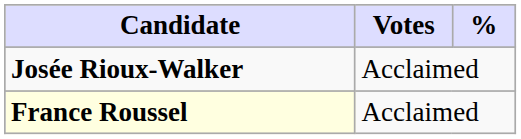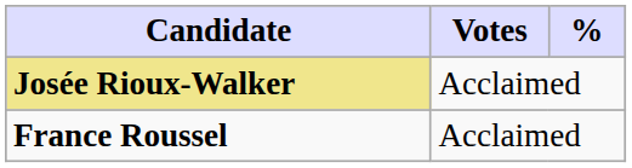 <table class="wikitable">
 <tr>
 <th style="background:#ddf; width:200px;">Candidate</th>
 <th style="background:#ddf; width:50px;">Votes</th>
 <th style="background:#ddf; width:30px;">%</th>
 </tr>
 <tr>
-<td><strong>Josée Rioux-Walker</strong></td>
+<td style="background: khaki;"><strong>Josée Rioux-Walker</strong></td>
 <td colspan="2">Acclaimed</td>
 </tr>
 <tr>
-<td style="background: lightyellow;"><strong>France Roussel</strong></td>
+<td><strong>France Roussel</strong></td>
 <td colspan="2">Acclaimed</td>
 </tr>
 </table>
